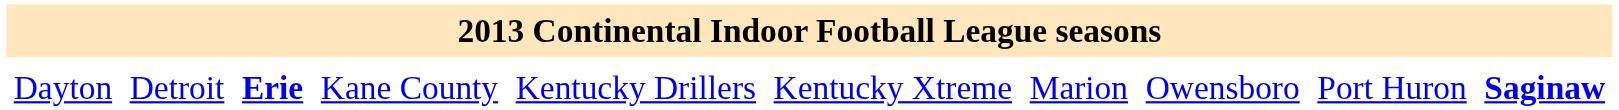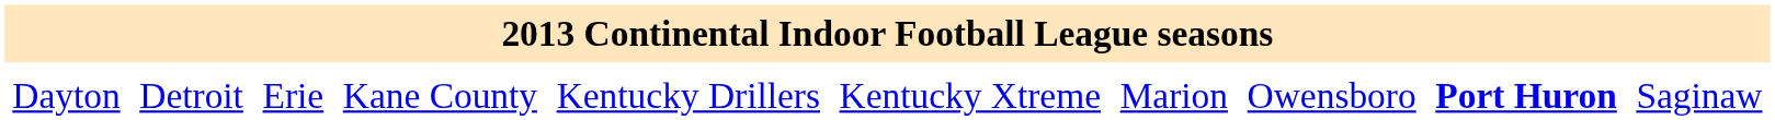 <table cellspacing="2" cellpadding="3" class="toccolours" style="font-size: 95%; margin: auto; text-align: center;">
 <tr>
 <th colspan="10" style="background-color: #FFE6BD;"><strong>2013 Continental Indoor Football League seasons</strong></th>
 </tr>
 <tr>
 <td style=><a href='#'>Dayton</a></td>
 <td style=><a href='#'>Detroit</a></td>
-<td style=><strong><a href='#'>Erie</a></strong></td>
+<td style=><a href='#'>Erie</a></td>
 <td style=><a href='#'>Kane County</a></td>
 <td style=><a href='#'>Kentucky Drillers</a></td>
 <td style=><a href='#'>Kentucky Xtreme</a></td>
 <td style=><a href='#'>Marion</a></td>
 <td style=><a href='#'>Owensboro</a></td>
-<td style=><a href='#'>Port Huron</a></td>
-<td style=><strong><a href='#'>Saginaw</a></strong></td>
+<td style=><strong><a href='#'>Port Huron</a></strong></td>
+<td style=><a href='#'>Saginaw</a></td>
 </tr>
 <tr>
 </tr>
 </table>
